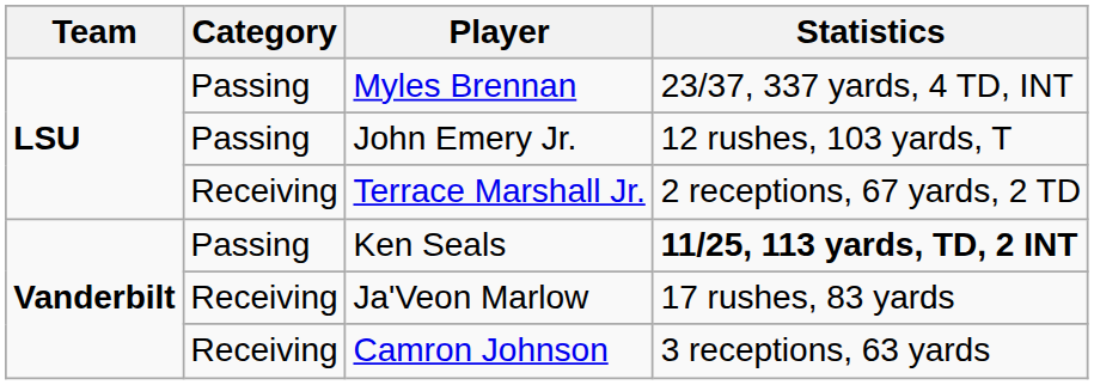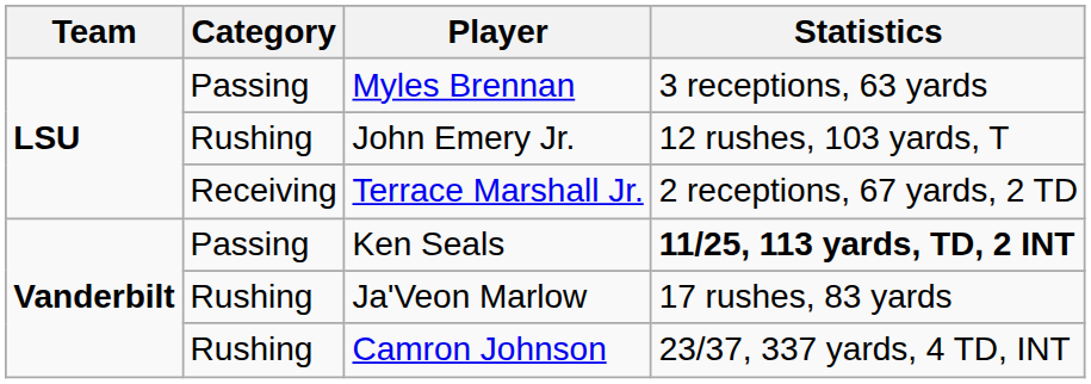 <table class="wikitable" style="float: left;">
 <tr>
 <th>Team</th>
 <th>Category</th>
 <th>Player</th>
 <th>Statistics</th>
 </tr>
 <tr>
 <td rowspan=3><strong>LSU</strong></td>
 <td>Passing</td>
 <td><a href='#'>Myles Brennan</a></td>
-<td>23/37, 337 yards, 4 TD, INT</td>
+<td>3 receptions, 63 yards</td>
 </tr>
 <tr>
-<td>Passing</td>
+<td>Rushing</td>
 <td>John Emery Jr.</td>
 <td>12 rushes, 103 yards, T</td>
 </tr>
 <tr>
 <td>Receiving</td>
 <td><a href='#'>Terrace Marshall Jr.</a></td>
 <td>2 receptions, 67 yards, 2 TD</td>
 </tr>
 <tr>
 <td rowspan=3><strong>Vanderbilt</strong></td>
 <td>Passing</td>
 <td>Ken Seals</td>
 <td><strong>11/25, 113 yards, TD, 2 INT</strong></td>
 </tr>
 <tr>
-<td>Receiving</td>
+<td>Rushing</td>
 <td>Ja'Veon Marlow</td>
 <td>17 rushes, 83 yards</td>
 </tr>
 <tr>
-<td>Receiving</td>
+<td>Rushing</td>
 <td><a href='#'>Camron Johnson</a></td>
-<td>3 receptions, 63 yards</td>
+<td>23/37, 337 yards, 4 TD, INT</td>
 </tr>
 </table>
